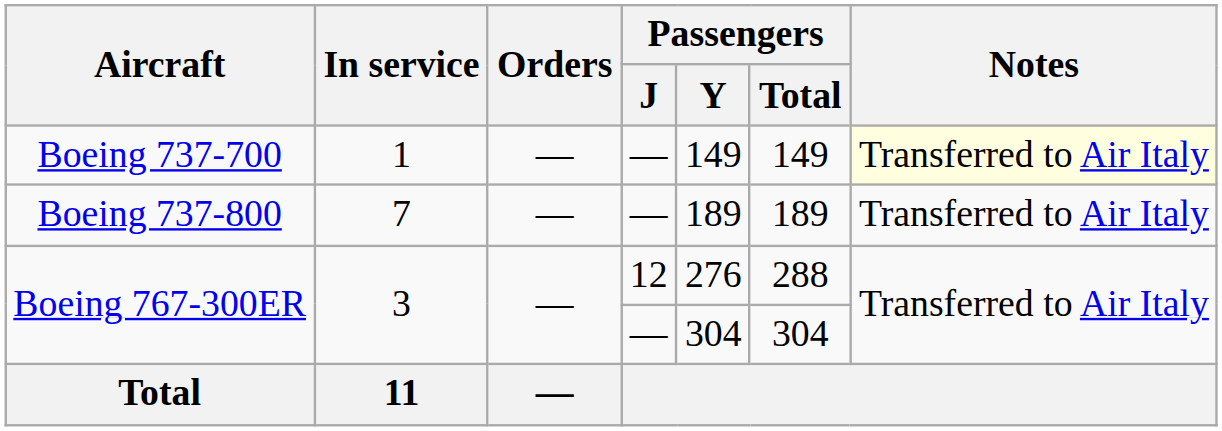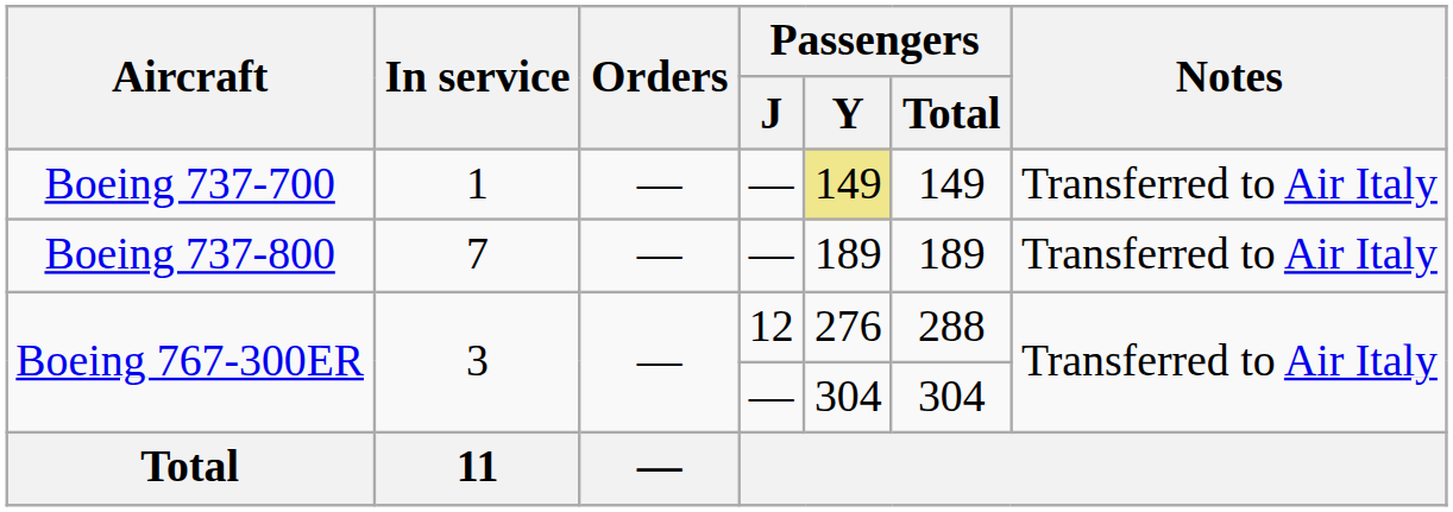 <table class="wikitable" style="border-collapse:collapse;text-align:center; margin-left: auto; margin-right: auto; border: none;">
 <tr>
 <th rowspan="2">Aircraft</th>
 <th rowspan="2">In service</th>
 <th rowspan="2">Orders</th>
 <th colspan="3">Passengers</th>
 <th rowspan="2">Notes</th>
 </tr>
 <tr>
 <th><abbr>J</abbr></th>
 <th><abbr>Y</abbr></th>
 <th>Total</th>
 </tr>
 <tr>
 <td><a href='#'>Boeing 737-700</a></td>
 <td>1</td>
 <td>—</td>
 <td>—</td>
+<td style="background: khaki;">149</td>
 <td>149</td>
-<td>149</td>
-<td style="background: lightyellow;">Transferred to <a href='#'>Air Italy</a></td>
+<td>Transferred to <a href='#'>Air Italy</a></td>
 </tr>
 <tr>
 <td><a href='#'>Boeing 737-800</a></td>
 <td>7</td>
 <td>—</td>
 <td>—</td>
 <td>189</td>
 <td>189</td>
 <td>Transferred to <a href='#'>Air Italy</a></td>
 </tr>
 <tr>
 <td rowspan="2"><a href='#'>Boeing 767-300ER</a></td>
 <td rowspan="2">3</td>
 <td rowspan="2">—</td>
 <td>12</td>
 <td>276</td>
 <td>288</td>
 <td rowspan="2">Transferred to <a href='#'>Air Italy</a></td>
 </tr>
 <tr>
 <td>—</td>
 <td>304</td>
 <td>304</td>
 </tr>
 <tr>
 <th>Total</th>
 <th>11</th>
 <th>—</th>
 <th colspan="4"></th>
 </tr>
 </table>
